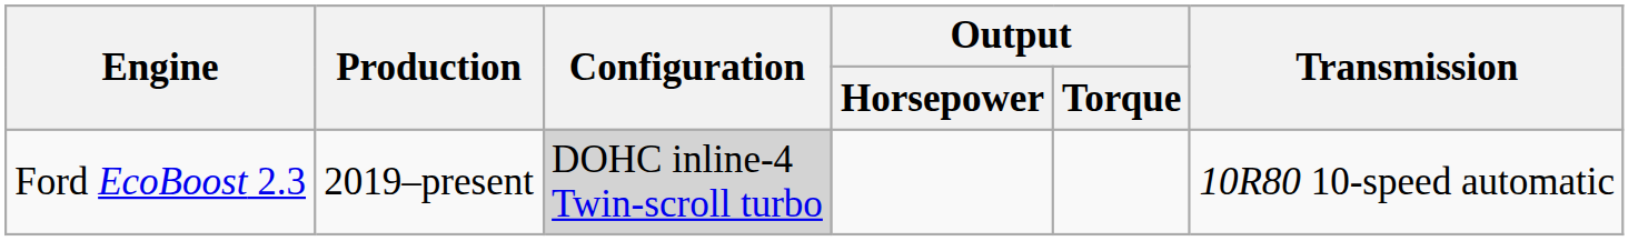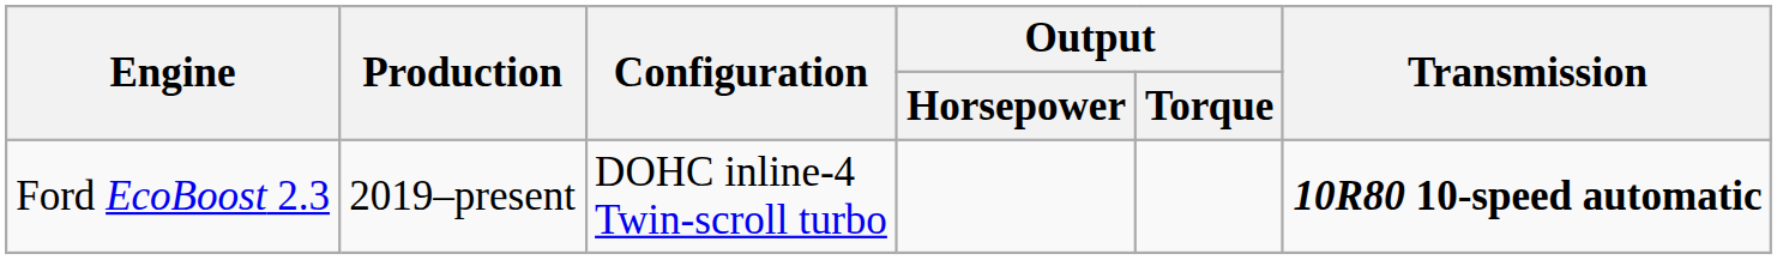 <table class="wikitable">
 <tr>
 <th rowspan="2">Engine</th>
 <th rowspan="2">Production</th>
 <th rowspan="2">Configuration</th>
 <th colspan="2">Output</th>
 <th rowspan="2">Transmission</th>
 </tr>
 <tr>
 <th>Horsepower</th>
 <th>Torque</th>
 </tr>
 <tr>
 <td>Ford <a href='#'><em>EcoBoost</em> 2.3</a></td>
 <td>2019–present</td>
-<td style="background: lightgrey;"> DOHC inline-4<br><a href='#'>Twin-scroll turbo</a></td>
+<td> DOHC inline-4<br><a href='#'>Twin-scroll turbo</a></td>
 <td></td>
 <td></td>
-<td><em>10R80</em> 10-speed automatic</td>
+<td><strong><em>10R80</em> 10-speed automatic</strong></td>
 </tr>
 </table>
